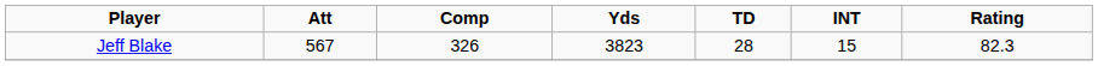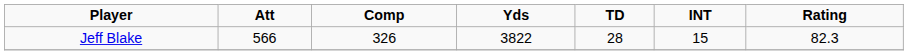 <table class="wikitable" width="80%">
 <tr align="center">
 <td><strong>Player</strong></td>
 <td><strong>Att</strong></td>
 <td><strong>Comp</strong></td>
 <td><strong>Yds</strong></td>
 <td><strong>TD</strong></td>
 <td><strong>INT</strong></td>
 <td><strong>Rating</strong></td>
 </tr>
 <tr align="center" bgcolor="">
 <td><a href='#'>Jeff Blake</a></td>
-<td>567</td>
+<td>566</td>
 <td>326</td>
-<td>3823</td>
+<td>3822</td>
 <td>28</td>
 <td>15</td>
 <td>82.3</td>
 </tr>
 <tr align="center" bgcolor="">
 </tr>
 </table>
